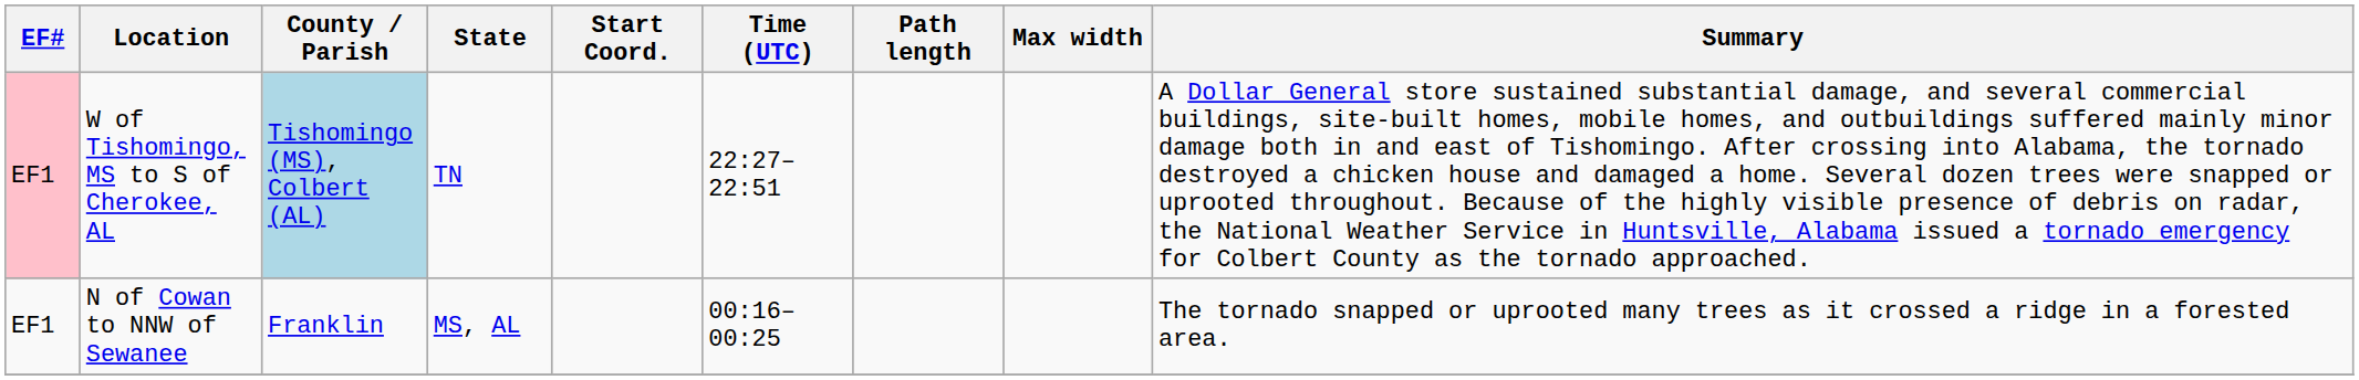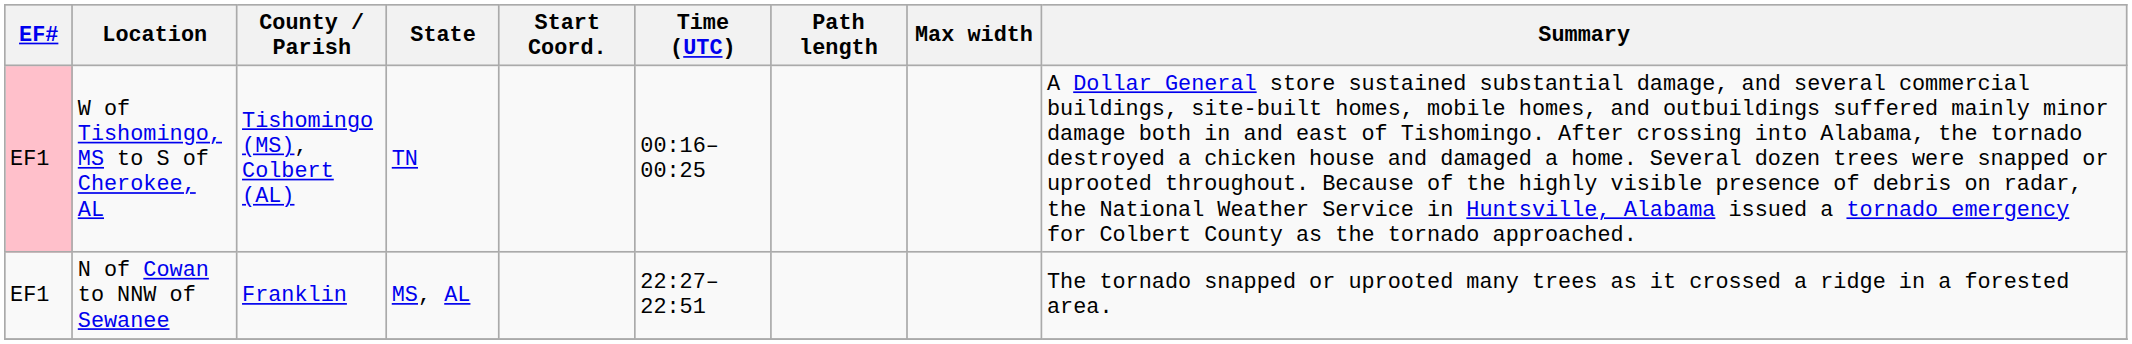 <table class="wikitable sortable" style="width:100%;">
 <tr>
 <th scope="col"  style="width:3%; text-align:center;"><a href='#'>EF#</a></th>
 <th scope="col"  style="width:7%; text-align:center;" class="unsortable">Location</th>
 <th scope="col"  style="width:6%; text-align:center;" class="unsortable">County / Parish</th>
 <th scope="col"  style="width:5%; text-align:center;">State</th>
 <th scope="col"  style="width:6%; text-align:center;">Start Coord.</th>
 <th scope="col"  style="width:6%; text-align:center;">Time (<a href='#'>UTC</a>)</th>
 <th scope="col"  style="width:6%; text-align:center;">Path length</th>
 <th scope="col"  style="width:6%; text-align:center;">Max width</th>
 <th scope="col" class="unsortable" style="width:48%; text-align:center;">Summary</th>
 </tr>
 <tr>
 <td style="background: pink;">EF1</td>
 <td>W of <a href='#'>Tishomingo, MS</a> to S of <a href='#'>Cherokee, AL</a></td>
-<td style="background: lightblue;"><a href='#'>Tishomingo (MS)</a>, <a href='#'>Colbert (AL)</a></td>
+<td><a href='#'>Tishomingo (MS)</a>, <a href='#'>Colbert (AL)</a></td>
 <td><a href='#'>TN</a></td>
 <td></td>
-<td>22:27–22:51</td>
+<td>00:16–00:25</td>
 <td></td>
 <td></td>
 <td>A <a href='#'>Dollar General</a> store sustained substantial damage, and several commercial buildings, site-built homes, mobile homes, and outbuildings suffered mainly minor damage both in and east of Tishomingo. After crossing into Alabama, the tornado destroyed a chicken house and damaged a home. Several dozen trees were snapped or uprooted throughout. Because of the highly visible presence of debris on radar, the National Weather Service in <a href='#'>Huntsville, Alabama</a> issued a <a href='#'>tornado emergency</a> for Colbert County as the tornado approached.</td>
 </tr>
 <tr>
 <td>EF1</td>
 <td>N of <a href='#'>Cowan</a> to NNW of <a href='#'>Sewanee</a></td>
 <td><a href='#'>Franklin</a></td>
 <td><a href='#'>MS</a>, <a href='#'>AL</a></td>
 <td></td>
-<td>00:16–00:25</td>
+<td>22:27–22:51</td>
 <td></td>
 <td></td>
 <td>The tornado snapped or uprooted many trees as it crossed a ridge in a forested area.</td>
 </tr>
 <tr>
 </tr>
 </table>
